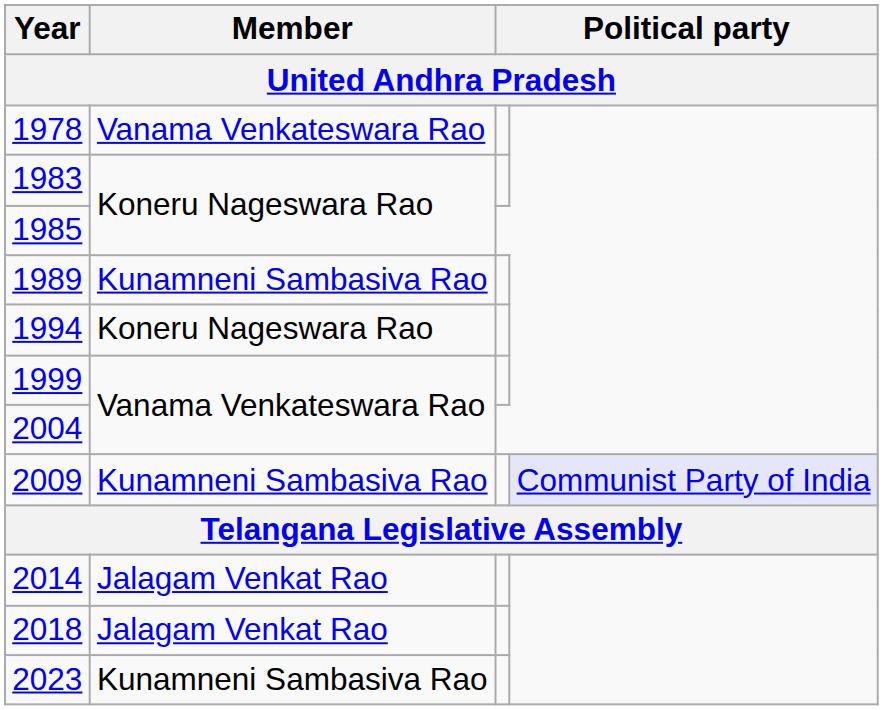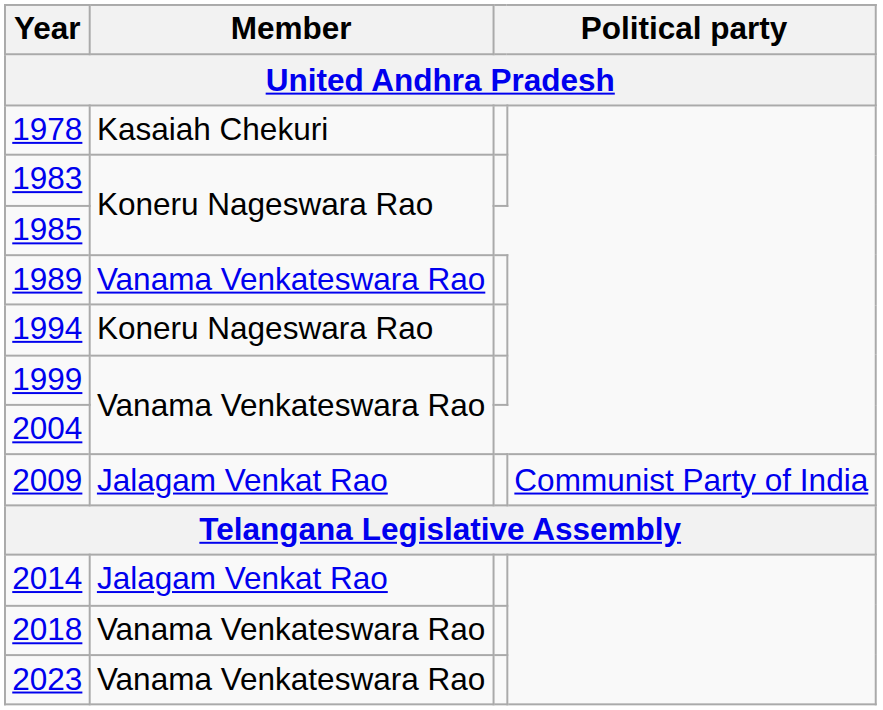 <table class="wikitable sortable">
 <tr>
 <th>Year</th>
 <th>Member</th>
 <th colspan="2">Political party</th>
 </tr>
 <tr>
 <th colspan=4><a href='#'>United Andhra Pradesh</a></th>
 </tr>
 <tr>
 <td><a href='#'>1978</a></td>
-<td><a href='#'>Vanama Venkateswara Rao</a></td>
+<td>Kasaiah Chekuri</td>
 <td></td>
 </tr>
 <tr>
 <td><a href='#'>1983</a></td>
 <td rowspan=2>Koneru Nageswara Rao</td>
 <td></td>
 </tr>
 <tr>
 <td><a href='#'>1985</a></td>
 </tr>
 <tr>
 <td><a href='#'>1989</a></td>
-<td><a href='#'>Kunamneni Sambasiva Rao</a></td>
+<td><a href='#'>Vanama Venkateswara Rao</a></td>
 <td></td>
 </tr>
 <tr>
 <td><a href='#'>1994</a></td>
 <td>Koneru Nageswara Rao</td>
 <td></td>
 </tr>
 <tr>
 <td><a href='#'>1999</a></td>
 <td rowspan=2>Vanama Venkateswara Rao</td>
 <td></td>
 </tr>
 <tr>
 <td><a href='#'>2004</a></td>
 </tr>
 <tr>
 <td><a href='#'>2009</a></td>
-<td><a href='#'>Kunamneni Sambasiva Rao</a></td>
+<td><a href='#'>Jalagam Venkat Rao</a></td>
 <td style="background-color: "></td>
-<td style="background: lavender;"><a href='#'>Communist Party of India</a></td>
+<td><a href='#'>Communist Party of India</a></td>
 </tr>
 <tr>
 <th colspan=4><a href='#'>Telangana Legislative Assembly</a></th>
 </tr>
 <tr>
 <td><a href='#'>2014</a></td>
 <td><a href='#'>Jalagam Venkat Rao</a></td>
 <td></td>
 </tr>
 <tr>
 <td><a href='#'>2018</a></td>
-<td><a href='#'>Jalagam Venkat Rao</a></td>
+<td>Vanama Venkateswara Rao</td>
 <td></td>
 </tr>
 <tr>
 <td><a href='#'>2023</a></td>
-<td>Kunamneni Sambasiva Rao</td>
+<td>Vanama Venkateswara Rao</td>
 <td></td>
 </tr>
 </table>
